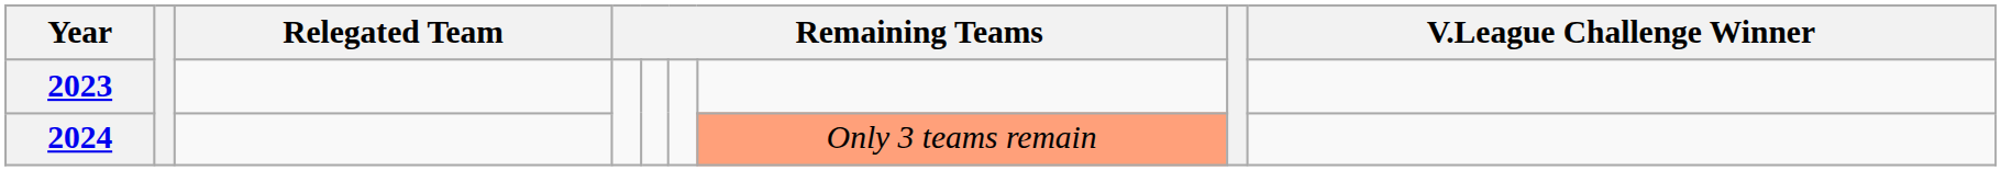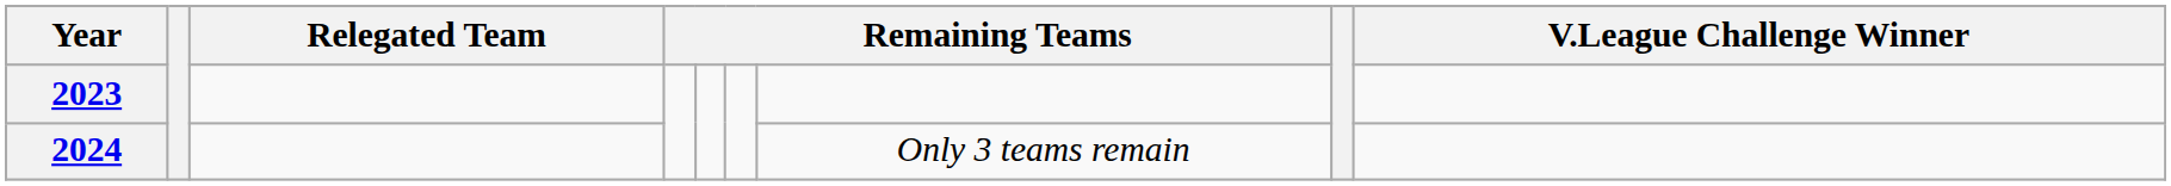 <table class="wikitable" style="font-size:90%; width: 100%; text-align: center;">
 <tr>
 <th>Year</th>
 <th rowspan="7" width="1%" bgcolor="#ffffff"></th>
 <th>Relegated Team</th>
 <th colspan="4">Remaining Teams</th>
 <th rowspan="7" width="1%" bgcolor="#ffffff"></th>
 <th>V.League Challenge Winner</th>
 </tr>
 <tr>
 <th><a href='#'>2023</a></th>
 <td></td>
 <td rowspan="2"> </td>
 <td rowspan="2"> </td>
 <td rowspan="2"> </td>
 <td> </td>
 <td></td>
 </tr>
 <tr>
 <th><a href='#'>2024</a></th>
 <td> </td>
-<td style="background: lightsalmon;"><em>Only 3 teams remain</em></td>
+<td><em>Only 3 teams remain</em></td>
 <td> </td>
 </tr>
 </table>
